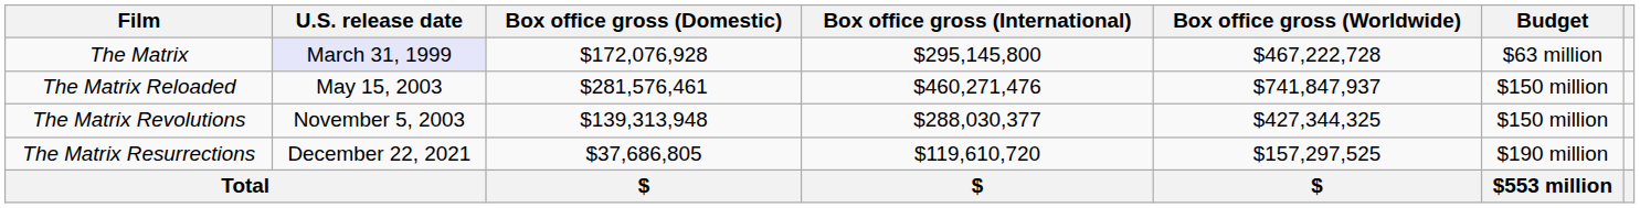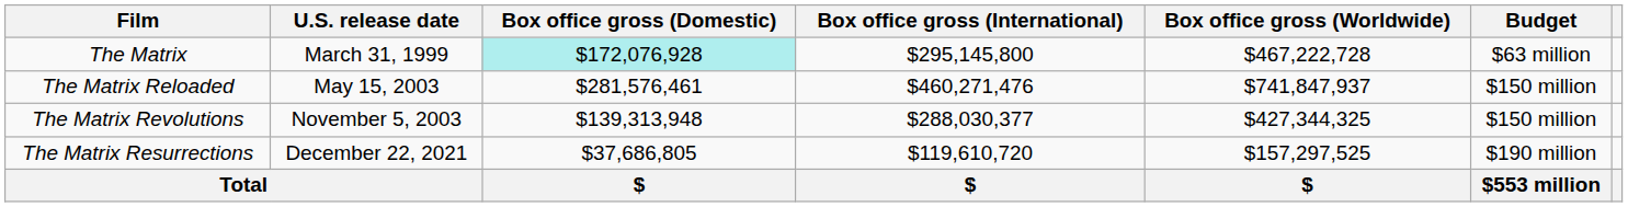 <table class="wikitable" style="text-align: center; width:99%;">
 <tr>
 <th>Film</th>
 <th>U.S. release date</th>
 <th>Box office gross (Domestic)</th>
 <th>Box office gross (International)</th>
 <th>Box office gross (Worldwide)</th>
 <th>Budget</th>
 <th></th>
 </tr>
 <tr>
 <td><em>The Matrix</em></td>
-<td style="background: lavender;">March 31, 1999</td>
-<td>$172,076,928</td>
+<td>March 31, 1999</td>
+<td style="background: paleturquoise;">$172,076,928</td>
 <td>$295,145,800</td>
 <td>$467,222,728</td>
 <td>$63 million</td>
 <td></td>
 </tr>
 <tr>
 <td><em>The Matrix Reloaded</em></td>
 <td>May 15, 2003</td>
 <td>$281,576,461</td>
 <td>$460,271,476</td>
 <td>$741,847,937</td>
 <td>$150 million</td>
 <td></td>
 </tr>
 <tr>
 <td><em>The Matrix Revolutions</em></td>
 <td>November 5, 2003</td>
 <td>$139,313,948</td>
 <td>$288,030,377</td>
 <td>$427,344,325</td>
 <td>$150 million</td>
 <td></td>
 </tr>
 <tr>
 <td><em>The Matrix Resurrections</em></td>
 <td>December 22, 2021</td>
 <td>$37,686,805</td>
 <td>$119,610,720</td>
 <td>$157,297,525</td>
 <td>$190 million</td>
 <td></td>
 </tr>
 <tr>
 <th colspan="2">Total</th>
 <th>$</th>
 <th>$</th>
 <th>$</th>
 <th>$553 million</th>
 <th></th>
 </tr>
 </table>
